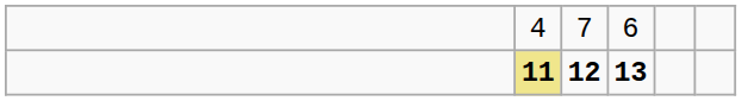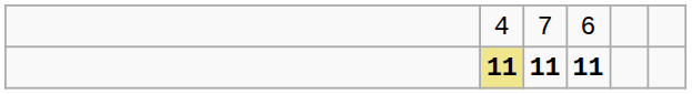 <table class="wikitable">
 <tr>
 <td style="width:18em"></td>
 <td align=center style="width:1em">4</td>
 <td align=center style="width:1em">7</td>
 <td align=center style="width:1em">6</td>
 <td align=center style="width:1em"></td>
 <td align=center style="width:1em"></td>
 </tr>
 <tr>
 <td style="width:18em"><strong></strong></td>
 <td align=center style="background: khaki; width:1em"><strong>11</strong></td>
-<td align=center style="width:1em"><strong>12</strong></td>
-<td align=center style="width:1em"><strong>13</strong></td>
+<td align=center style="width:1em"><strong>11</strong></td>
+<td align=center style="width:1em"><strong>11</strong></td>
 <td align=center style="width:1em"></td>
 <td align=center style="width:1em"></td>
 </tr>
 </table>
